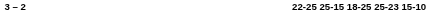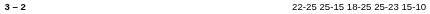 <table width=100% cellspacing=1>
 <tr>
 <th width=20%></th>
 <th width=12%></th>
 <th width=20%></th>
 <th width=33%></th>
 <td></td>
 </tr>
 <tr style=font-size:90%>
 <td align=right><strong></strong></td>
 <td align=center><strong>3 – 2</strong></td>
 <td></td>
-<td><strong>22-25 25-15 18-25 25-23 15-10</strong></td>
+<td>22-25 25-15 18-25 25-23 15-10</td>
 </tr>
 </table>
